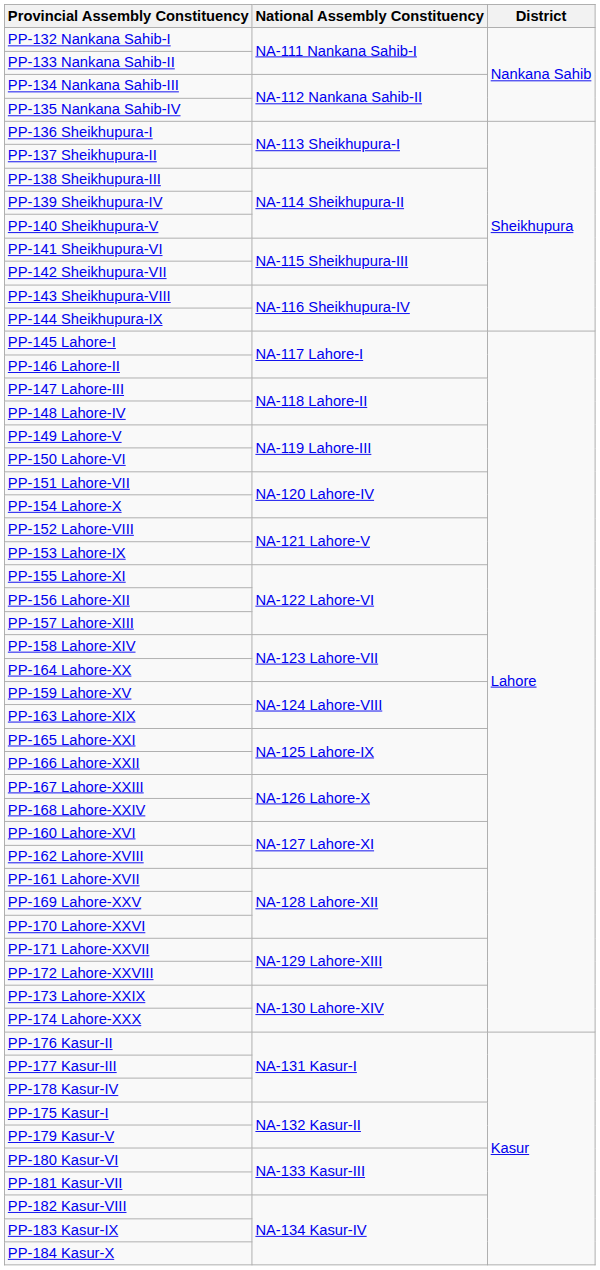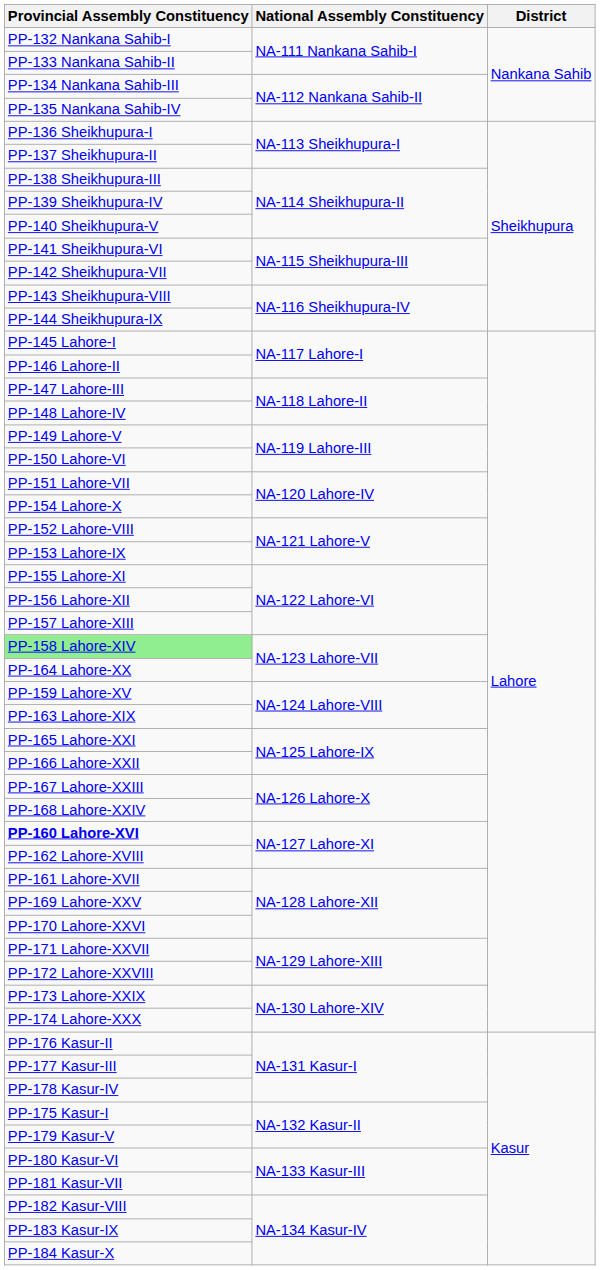 <table class="wikitable sortable static-row-numbers static-row-header-hash">
 <tr>
 <th>Provincial Assembly Constituency</th>
 <th>National Assembly Constituency</th>
 <th>District</th>
 </tr>
 <tr>
 <td><a href='#'>PP-132 Nankana Sahib-I</a></td>
 <td rowspan="2"><a href='#'>NA-111 Nankana Sahib-I</a></td>
 <td rowspan="4"><a href='#'>Nankana Sahib</a></td>
 </tr>
 <tr>
 <td><a href='#'>PP-133 Nankana Sahib-II</a></td>
 </tr>
 <tr>
 <td><a href='#'>PP-134 Nankana Sahib-III</a></td>
 <td rowspan="2"><a href='#'>NA-112 Nankana Sahib-II</a></td>
 </tr>
 <tr>
 <td><a href='#'>PP-135 Nankana Sahib-IV</a></td>
 </tr>
 <tr>
 <td><a href='#'>PP-136 Sheikhupura-I</a></td>
 <td rowspan="2"><a href='#'>NA-113 Sheikhupura-I</a></td>
 <td rowspan="9"><a href='#'>Sheikhupura</a></td>
 </tr>
 <tr>
 <td><a href='#'>PP-137 Sheikhupura-II</a></td>
 </tr>
 <tr>
 <td><a href='#'>PP-138 Sheikhupura-III</a></td>
 <td rowspan="3"><a href='#'>NA-114 Sheikhupura-II</a></td>
 </tr>
 <tr>
 <td><a href='#'>PP-139 Sheikhupura-IV</a></td>
 </tr>
 <tr>
 <td><a href='#'>PP-140 Sheikhupura-V</a></td>
 </tr>
 <tr>
 <td><a href='#'>PP-141 Sheikhupura-VI</a></td>
 <td rowspan="2"><a href='#'>NA-115 Sheikhupura-III</a></td>
 </tr>
 <tr>
 <td><a href='#'>PP-142 Sheikhupura-VII</a></td>
 </tr>
 <tr>
 <td><a href='#'>PP-143 Sheikhupura-VIII</a></td>
 <td rowspan="2"><a href='#'>NA-116 Sheikhupura-IV</a></td>
 </tr>
 <tr>
 <td><a href='#'>PP-144 Sheikhupura-IX</a></td>
 </tr>
 <tr>
 <td><a href='#'>PP-145 Lahore-I</a></td>
 <td rowspan="2"><a href='#'>NA-117 Lahore-I</a></td>
 <td rowspan="30"><a href='#'>Lahore</a></td>
 </tr>
 <tr>
 <td><a href='#'>PP-146 Lahore-II</a></td>
 </tr>
 <tr>
 <td><a href='#'>PP-147 Lahore-III</a></td>
 <td rowspan="2"><a href='#'>NA-118 Lahore-II</a></td>
 </tr>
 <tr>
 <td><a href='#'>PP-148 Lahore-IV</a></td>
 </tr>
 <tr>
 <td><a href='#'>PP-149 Lahore-V</a></td>
 <td rowspan="2"><a href='#'>NA-119 Lahore-III</a></td>
 </tr>
 <tr>
 <td><a href='#'>PP-150 Lahore-VI</a></td>
 </tr>
 <tr>
 <td><a href='#'>PP-151 Lahore-VII</a></td>
 <td rowspan="2"><a href='#'>NA-120 Lahore-IV</a></td>
 </tr>
 <tr>
 <td><a href='#'>PP-154 Lahore-X</a></td>
 </tr>
 <tr>
 <td><a href='#'>PP-152 Lahore-VIII</a></td>
 <td rowspan="2"><a href='#'>NA-121 Lahore-V</a></td>
 </tr>
 <tr>
 <td><a href='#'>PP-153 Lahore-IX</a></td>
 </tr>
 <tr>
 <td><a href='#'>PP-155 Lahore-XI</a></td>
 <td rowspan="3"><a href='#'>NA-122 Lahore-VI</a></td>
 </tr>
 <tr>
 <td><a href='#'>PP-156 Lahore-XII</a></td>
 </tr>
 <tr>
 <td><a href='#'>PP-157 Lahore-XIII</a></td>
 </tr>
 <tr>
-<td><a href='#'>PP-158 Lahore-XIV</a></td>
+<td style="background: lightgreen;"><a href='#'>PP-158 Lahore-XIV</a></td>
 <td rowspan="2"><a href='#'>NA-123 Lahore-VII</a></td>
 </tr>
 <tr>
 <td><a href='#'>PP-164 Lahore-XX</a></td>
 </tr>
 <tr>
 <td><a href='#'>PP-159 Lahore-XV</a></td>
 <td rowspan="2"><a href='#'>NA-124 Lahore-VIII</a></td>
 </tr>
 <tr>
 <td><a href='#'>PP-163 Lahore-XIX</a></td>
 </tr>
 <tr>
 <td><a href='#'>PP-165 Lahore-XXI</a></td>
 <td rowspan="2"><a href='#'>NA-125 Lahore-IX</a></td>
 </tr>
 <tr>
 <td><a href='#'>PP-166 Lahore-XXII</a></td>
 </tr>
 <tr>
 <td><a href='#'>PP-167 Lahore-XXIII</a></td>
 <td rowspan="2"><a href='#'>NA-126 Lahore-X</a></td>
 </tr>
 <tr>
 <td><a href='#'>PP-168 Lahore-XXIV</a></td>
 </tr>
 <tr>
-<td><a href='#'>PP-160 Lahore-XVI</a></td>
+<td><strong><a href='#'>PP-160 Lahore-XVI</a></strong></td>
 <td rowspan="2"><a href='#'>NA-127 Lahore-XI</a></td>
 </tr>
 <tr>
 <td><a href='#'>PP-162 Lahore-XVIII</a></td>
 </tr>
 <tr>
 <td><a href='#'>PP-161 Lahore-XVII</a></td>
 <td rowspan="3"><a href='#'>NA-128 Lahore-XII</a></td>
 </tr>
 <tr>
 <td><a href='#'>PP-169 Lahore-XXV</a></td>
 </tr>
 <tr>
 <td><a href='#'>PP-170 Lahore-XXVI</a></td>
 </tr>
 <tr>
 <td><a href='#'>PP-171 Lahore-XXVII</a></td>
 <td rowspan="2"><a href='#'>NA-129 Lahore-XIII</a></td>
 </tr>
 <tr>
 <td><a href='#'>PP-172 Lahore-XXVIII</a></td>
 </tr>
 <tr>
 <td><a href='#'>PP-173 Lahore-XXIX</a></td>
 <td rowspan="2"><a href='#'>NA-130 Lahore-XIV</a></td>
 </tr>
 <tr>
 <td><a href='#'>PP-174 Lahore-XXX</a></td>
 </tr>
 <tr>
 <td><a href='#'>PP-176 Kasur-II</a></td>
 <td rowspan="3"><a href='#'>NA-131 Kasur-I</a></td>
 <td rowspan="10"><a href='#'>Kasur</a></td>
 </tr>
 <tr>
 <td><a href='#'>PP-177 Kasur-III</a></td>
 </tr>
 <tr>
 <td><a href='#'>PP-178 Kasur-IV</a></td>
 </tr>
 <tr>
 <td><a href='#'>PP-175 Kasur-I</a></td>
 <td rowspan="2"><a href='#'>NA-132 Kasur-II</a></td>
 </tr>
 <tr>
 <td><a href='#'>PP-179 Kasur-V</a></td>
 </tr>
 <tr>
 <td><a href='#'>PP-180 Kasur-VI</a></td>
 <td rowspan="2"><a href='#'>NA-133 Kasur-III</a></td>
 </tr>
 <tr>
 <td><a href='#'>PP-181 Kasur-VII</a></td>
 </tr>
 <tr>
 <td><a href='#'>PP-182 Kasur-VIII</a></td>
 <td rowspan="3"><a href='#'>NA-134 Kasur-IV</a></td>
 </tr>
 <tr>
 <td><a href='#'>PP-183 Kasur-IX</a></td>
 </tr>
 <tr>
 <td><a href='#'>PP-184 Kasur-X</a></td>
 </tr>
 </table>
